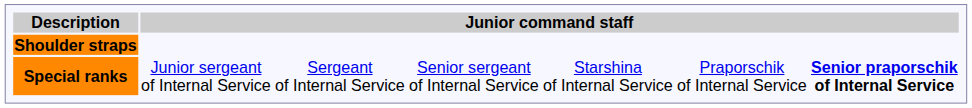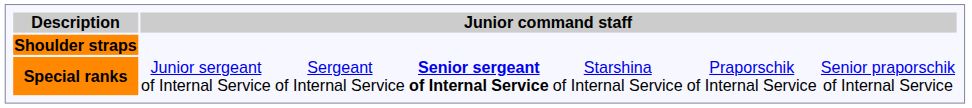 <table style="border:1px solid #8888aa; background-color:#f7f8ff; padding:5px; font-size:95%; margin: 12px 12px 12px 12px;">
 <tr bgcolor="#CCCCCC">
 <th>Description</th>
 <th colspan=7>Junior command staff</th>
 </tr>
 <tr align="center">
 <th style="background:#ff8800; color:black;">Shoulder straps</th>
 <th rowspan=1></th>
 <th rowspan=1></th>
 <th rowspan=1></th>
 <th rowspan=1></th>
 <th rowspan=1></th>
 <th rowspan=1></th>
 </tr>
 <tr align="center">
 <th style="background:#ff8800; color:black;">Special ranks</th>
 <td><a href='#'>Junior sergeant</a><br>of Internal Service</td>
 <td><a href='#'>Sergeant</a><br>of Internal Service</td>
-<td><a href='#'>Senior sergeant</a><br>of Internal Service</td>
+<td><strong><a href='#'>Senior sergeant</a><br>of Internal Service</strong></td>
 <td><a href='#'>Starshina</a><br>of Internal Service</td>
 <td><a href='#'>Praporschik</a><br>of Internal Service</td>
-<td><strong><a href='#'>Senior praporschik</a><br>of Internal Service</strong></td>
+<td><a href='#'>Senior praporschik</a><br>of Internal Service</td>
 </tr>
 </table>
